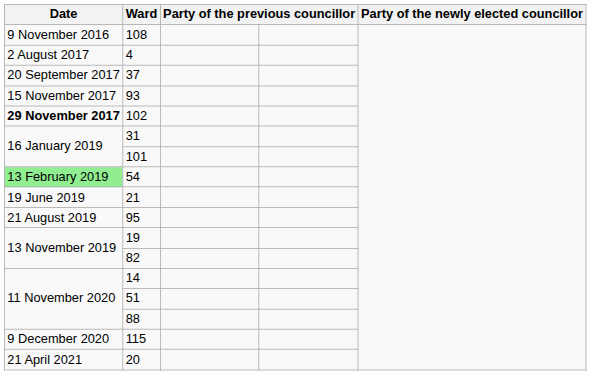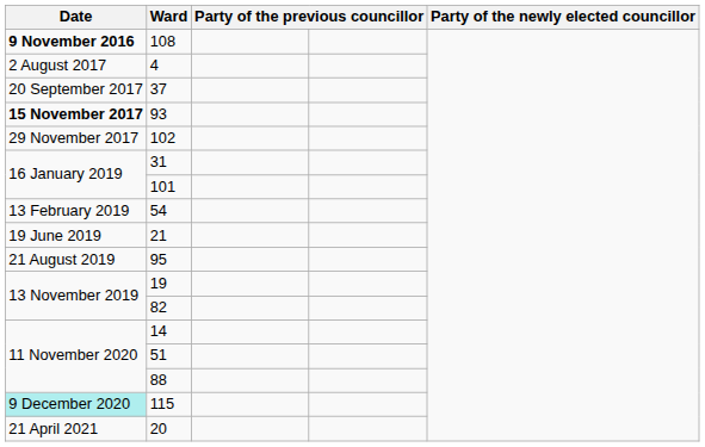 <table class="wikitable">
 <tr>
 <th>Date</th>
 <th>Ward</th>
 <th colspan=2>Party of the previous councillor</th>
 <th colspan=2>Party of the newly elected councillor</th>
 </tr>
 <tr>
-<td>9 November 2016</td>
+<td><strong>9 November 2016</strong></td>
 <td>108</td>
 <td></td>
 <td></td>
 </tr>
 <tr>
 <td>2 August 2017</td>
 <td>4</td>
 <td></td>
 <td></td>
 </tr>
 <tr>
 <td>20 September 2017</td>
 <td>37</td>
 <td></td>
 <td></td>
 </tr>
 <tr>
-<td>15 November 2017</td>
+<td><strong>15 November 2017</strong></td>
 <td>93</td>
 <td></td>
 <td></td>
 </tr>
 <tr>
-<td><strong>29 November 2017</strong></td>
+<td>29 November 2017</td>
 <td>102</td>
 <td></td>
 <td></td>
 </tr>
 <tr>
 <td rowspan=2>16 January 2019</td>
 <td>31</td>
 <td></td>
 <td></td>
 </tr>
 <tr>
 <td>101</td>
 <td></td>
 <td></td>
 </tr>
 <tr>
-<td style="background: lightgreen;">13 February 2019</td>
+<td>13 February 2019</td>
 <td>54</td>
 <td></td>
 <td></td>
 </tr>
 <tr>
 <td>19 June 2019</td>
 <td>21</td>
 <td></td>
 <td></td>
 </tr>
 <tr>
 <td>21 August 2019</td>
 <td>95</td>
 <td></td>
 <td></td>
 </tr>
 <tr>
 <td rowspan=2>13 November 2019</td>
 <td>19</td>
 <td></td>
 <td></td>
 </tr>
 <tr>
 <td>82</td>
 <td></td>
 <td></td>
 </tr>
 <tr>
 <td rowspan=3>11 November 2020</td>
 <td>14</td>
 <td></td>
 <td></td>
 </tr>
 <tr>
 <td>51</td>
 <td></td>
 <td></td>
 </tr>
 <tr>
 <td>88</td>
 <td></td>
 <td></td>
 </tr>
 <tr>
-<td>9 December 2020</td>
+<td style="background: paleturquoise;">9 December 2020</td>
 <td>115</td>
 <td></td>
 <td></td>
 </tr>
 <tr>
 <td>21 April 2021</td>
 <td>20</td>
 <td></td>
 <td></td>
 </tr>
 </table>
